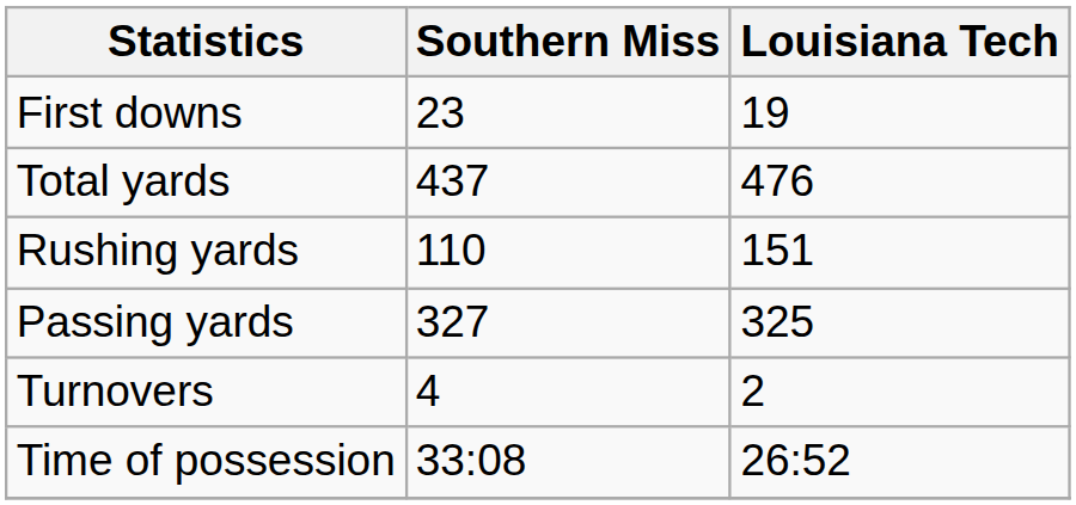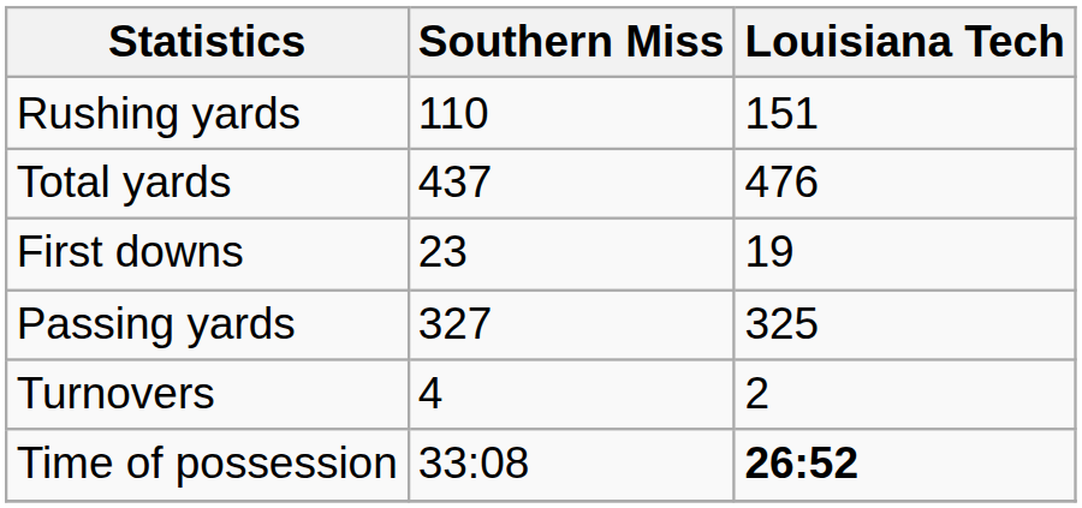 <table class="wikitable" style="float: left;">
 <tr>
 <th>Statistics</th>
 <th>Southern Miss</th>
 <th>Louisiana Tech</th>
 </tr>
 <tr>
-<td>First downs</td>
-<td>23</td>
-<td>19</td>
+<td>Rushing yards</td>
+<td>110</td>
+<td>151</td>
 </tr>
 <tr>
 <td>Total yards</td>
 <td>437</td>
 <td>476</td>
 </tr>
 <tr>
-<td>Rushing yards</td>
-<td>110</td>
-<td>151</td>
+<td>First downs</td>
+<td>23</td>
+<td>19</td>
 </tr>
 <tr>
 <td>Passing yards</td>
 <td>327</td>
 <td>325</td>
 </tr>
 <tr>
 <td>Turnovers</td>
 <td>4</td>
 <td>2</td>
 </tr>
 <tr>
 <td>Time of possession</td>
 <td>33:08</td>
-<td>26:52</td>
+<td><strong>26:52</strong></td>
 </tr>
 <tr>
 </tr>
 </table>
